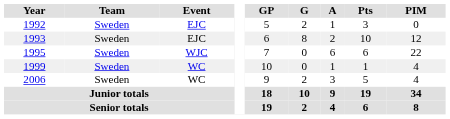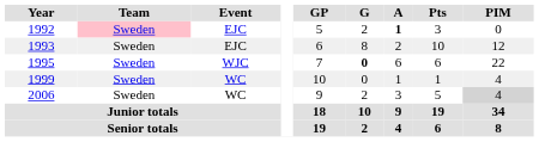 <table border="0" cellpadding="1" cellspacing="0" style="text-align:center; width:40em">
 <tr ALIGN="center" bgcolor="#e0e0e0">
 <th>Year</th>
 <th>Team</th>
 <th>Event</th>
 <th rowspan="99" bgcolor="#ffffff"> </th>
 <th>GP</th>
 <th>G</th>
 <th>A</th>
 <th>Pts</th>
 <th>PIM</th>
 </tr>
 <tr>
 <td><a href='#'>1992</a></td>
-<td><a href='#'>Sweden</a></td>
+<td style="background: pink;"><a href='#'>Sweden</a></td>
 <td><a href='#'>EJC</a></td>
 <td>5</td>
 <td>2</td>
-<td>1</td>
+<td><strong>1</strong></td>
 <td>3</td>
 <td>0</td>
 </tr>
 <tr bgcolor="#f0f0f0">
 <td><a href='#'>1993</a></td>
 <td>Sweden</td>
 <td>EJC</td>
 <td>6</td>
 <td>8</td>
 <td>2</td>
 <td>10</td>
 <td>12</td>
 </tr>
 <tr>
 <td><a href='#'>1995</a></td>
 <td><a href='#'>Sweden</a></td>
 <td><a href='#'>WJC</a></td>
 <td>7</td>
-<td>0</td>
+<td><strong>0</strong></td>
 <td>6</td>
 <td>6</td>
 <td>22</td>
 </tr>
 <tr bgcolor="#f0f0f0">
 <td><a href='#'>1999</a></td>
 <td><a href='#'>Sweden</a></td>
 <td><a href='#'>WC</a></td>
 <td>10</td>
 <td>0</td>
 <td>1</td>
 <td>1</td>
 <td>4</td>
 </tr>
 <tr>
 <td><a href='#'>2006</a></td>
 <td>Sweden</td>
 <td>WC</td>
 <td>9</td>
 <td>2</td>
 <td>3</td>
 <td>5</td>
-<td>4</td>
+<td style="background: lightgrey;">4</td>
 </tr>
 <tr bgcolor="#e0e0e0">
 <th colspan="3">Junior totals</th>
 <th>18</th>
 <th>10</th>
 <th>9</th>
 <th>19</th>
 <th>34</th>
 </tr>
 <tr bgcolor="#e0e0e0">
 <th colspan="3">Senior totals</th>
 <th>19</th>
 <th>2</th>
 <th>4</th>
 <th>6</th>
 <th>8</th>
 </tr>
 </table>
